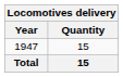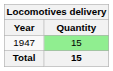 <table class="wikitable">
 <tr>
 <th colspan="2">Locomotives delivery</th>
 </tr>
 <tr>
 <th align="center">Year</th>
 <th align="center">Quantity</th>
 </tr>
 <tr>
 <td align="center">1947</td>
-<td align="center">15</td>
+<td align="center" style="background: lightgreen;">15</td>
 </tr>
 <tr>
 <th align="center">Total</th>
 <th align="center">15</th>
 </tr>
 </table>
